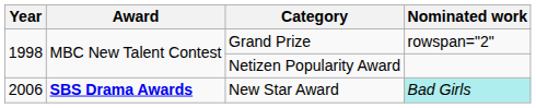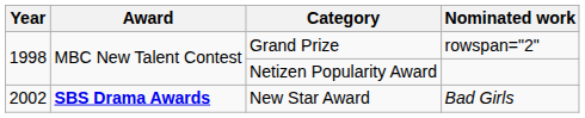 <table class="wikitable">
 <tr>
 <th>Year</th>
 <th>Award</th>
 <th>Category</th>
 <th>Nominated work</th>
 </tr>
 <tr>
 <td rowspan=2>1998</td>
 <td rowspan=2>MBC New Talent Contest</td>
 <td>Grand Prize</td>
 <td>rowspan="2" </td>
 </tr>
 <tr>
 <td>Netizen Popularity Award</td>
 </tr>
 <tr>
-<td>2006</td>
+<td>2002</td>
 <td><strong><a href='#'>SBS Drama Awards</a></strong></td>
 <td>New Star Award</td>
-<td style="background: paleturquoise;"><em>Bad Girls</em></td>
+<td><em>Bad Girls</em></td>
 </tr>
 </table>
